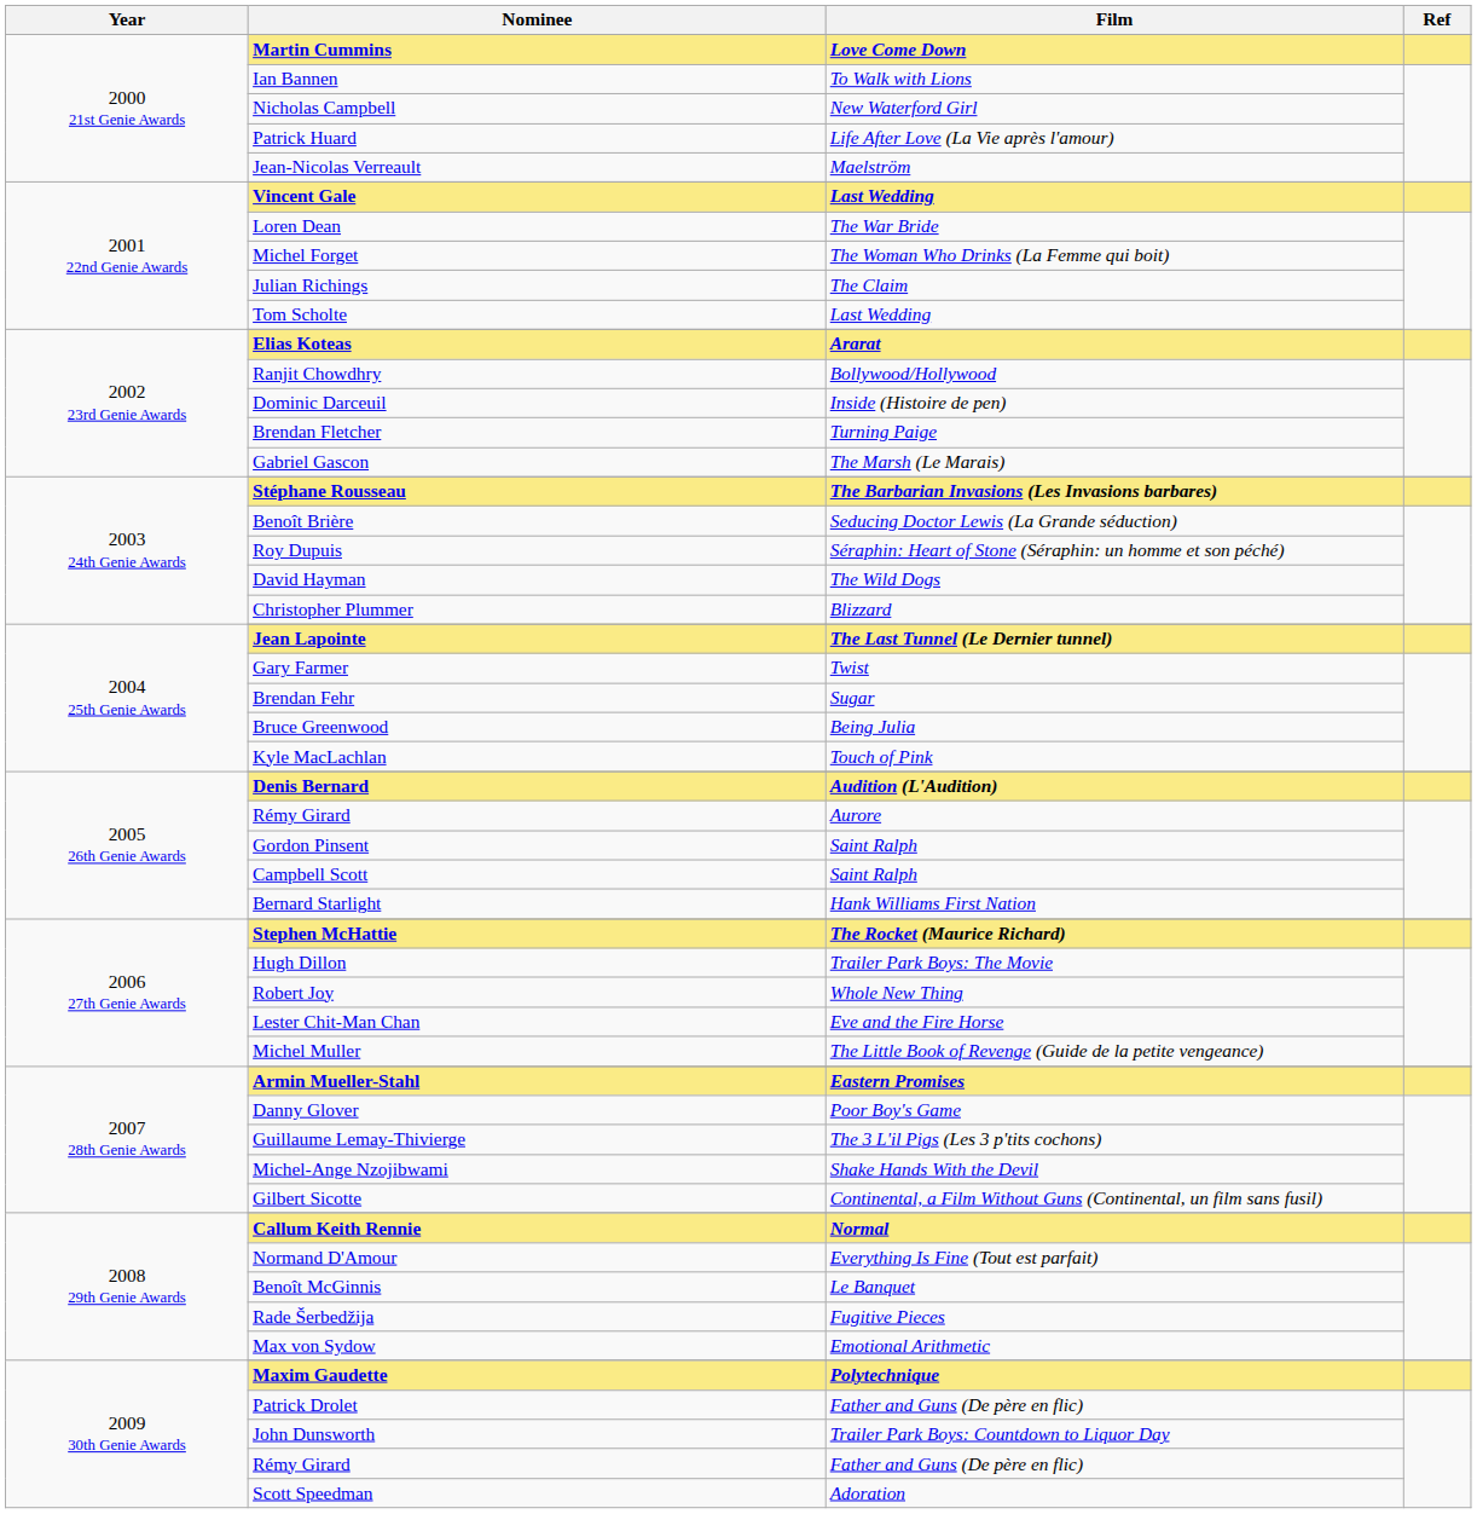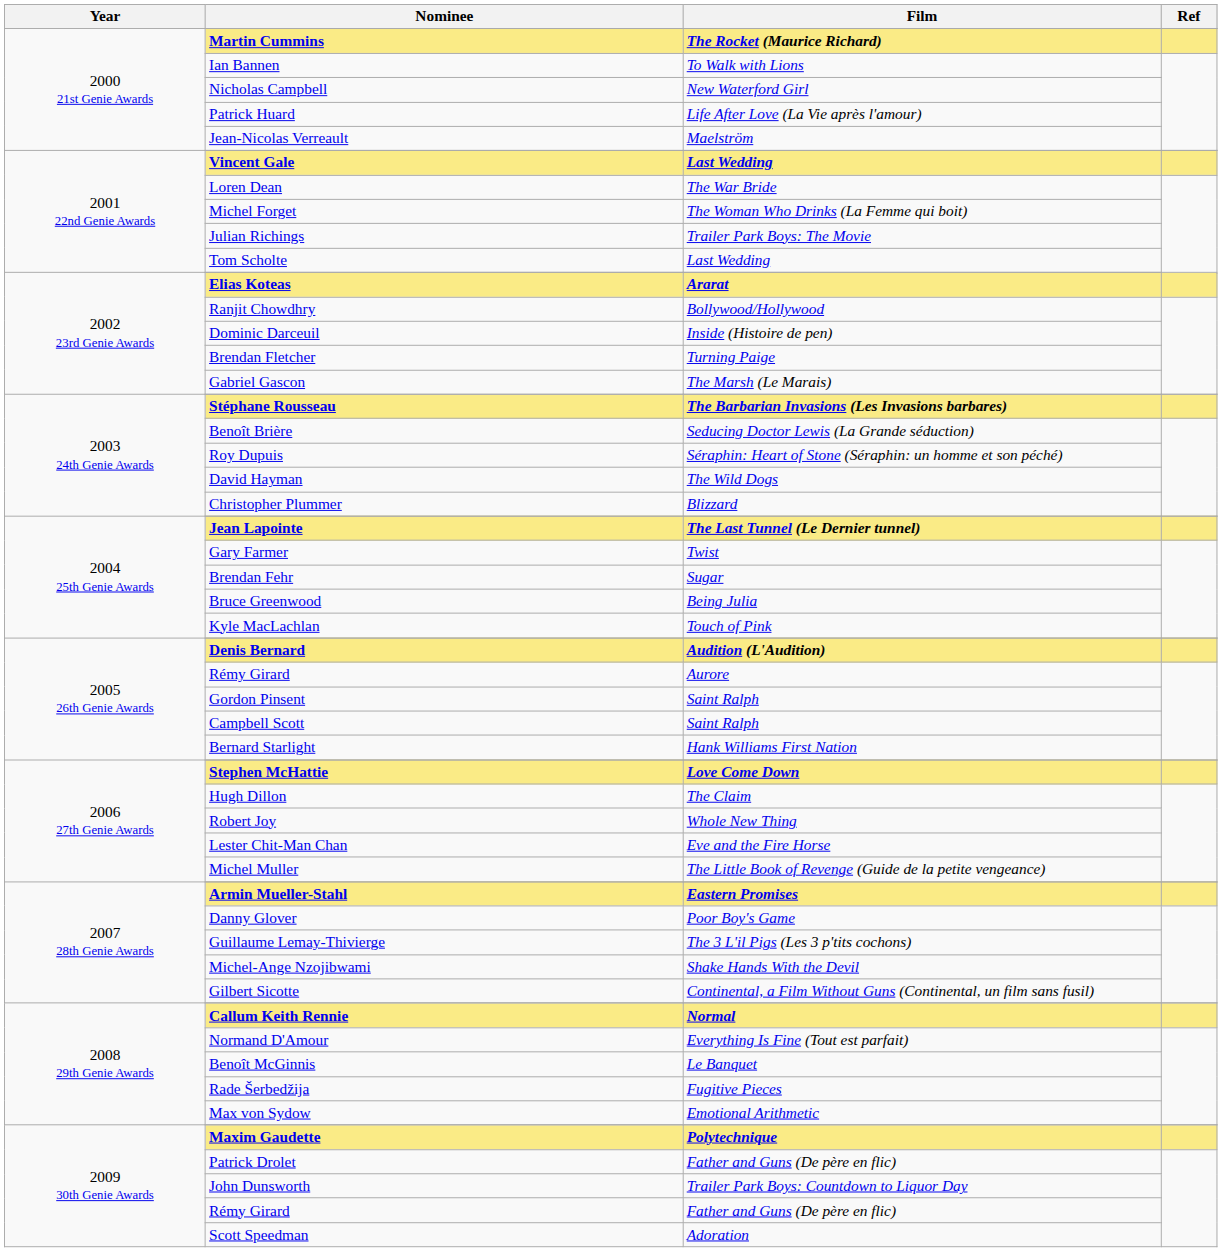 <table class="wikitable" style="width:100%;">
 <tr style="background:#bebebe;">
 <th style="width:8%;">Year</th>
 <th style="width:19%;">Nominee</th>
 <th style="width:19%;">Film</th>
 <th style="width:2%;">Ref</th>
 </tr>
 <tr>
 <td rowspan="6" align="center">2000 <br> <small><a href='#'>21st Genie Awards</a></small></td>
 </tr>
 <tr style="background:#FAEB86;">
 <td><strong><a href='#'>Martin Cummins</a></strong></td>
-<td><strong><em><a href='#'>Love Come Down</a></em></strong></td>
+<td><strong><em><a href='#'>The Rocket</a> (Maurice Richard)</em></strong></td>
 <td></td>
 </tr>
 <tr>
 <td><a href='#'>Ian Bannen</a></td>
 <td><em><a href='#'>To Walk with Lions</a></em></td>
 <td rowspan=4></td>
 </tr>
 <tr>
 <td><a href='#'>Nicholas Campbell</a></td>
 <td><em><a href='#'>New Waterford Girl</a></em></td>
 </tr>
 <tr>
 <td><a href='#'>Patrick Huard</a></td>
 <td><em><a href='#'>Life After Love</a> (La Vie après l'amour)</em></td>
 </tr>
 <tr>
 <td><a href='#'>Jean-Nicolas Verreault</a></td>
 <td><em><a href='#'>Maelström</a></em></td>
 </tr>
 <tr>
 <td rowspan="6" align="center">2001 <br> <small><a href='#'>22nd Genie Awards</a></small></td>
 </tr>
 <tr style="background:#FAEB86;">
 <td><strong><a href='#'>Vincent Gale</a></strong></td>
 <td><strong><em><a href='#'>Last Wedding</a></em></strong></td>
 <td></td>
 </tr>
 <tr>
 <td><a href='#'>Loren Dean</a></td>
 <td><em><a href='#'>The War Bride</a></em></td>
 <td rowspan=5></td>
 </tr>
 <tr>
 <td><a href='#'>Michel Forget</a></td>
 <td><em><a href='#'>The Woman Who Drinks</a> (La Femme qui boit)</em></td>
 </tr>
 <tr>
 <td><a href='#'>Julian Richings</a></td>
-<td><em><a href='#'>The Claim</a></em></td>
+<td><em><a href='#'>Trailer Park Boys: The Movie</a></em></td>
 </tr>
 <tr>
 <td><a href='#'>Tom Scholte</a></td>
 <td><em><a href='#'>Last Wedding</a></em></td>
 </tr>
 <tr>
 <td rowspan="6" align="center">2002 <br> <small><a href='#'>23rd Genie Awards</a></small></td>
 </tr>
 <tr style="background:#FAEB86;">
 <td><strong><a href='#'>Elias Koteas</a></strong></td>
 <td><strong><em><a href='#'>Ararat</a></em></strong></td>
 <td></td>
 </tr>
 <tr>
 <td><a href='#'>Ranjit Chowdhry</a></td>
 <td><em><a href='#'>Bollywood/Hollywood</a></em></td>
 <td rowspan=4></td>
 </tr>
 <tr>
 <td><a href='#'>Dominic Darceuil</a></td>
 <td><em><a href='#'>Inside</a> (Histoire de pen)</em></td>
 </tr>
 <tr>
 <td><a href='#'>Brendan Fletcher</a></td>
 <td><em><a href='#'>Turning Paige</a></em></td>
 </tr>
 <tr>
 <td><a href='#'>Gabriel Gascon</a></td>
 <td><em><a href='#'>The Marsh</a> (Le Marais)</em></td>
 </tr>
 <tr>
 <td rowspan="6" align="center">2003 <br> <small><a href='#'>24th Genie Awards</a></small></td>
 </tr>
 <tr style="background:#FAEB86;">
 <td><strong><a href='#'>Stéphane Rousseau</a></strong></td>
 <td><strong><em><a href='#'>The Barbarian Invasions</a> (Les Invasions barbares)</em></strong></td>
 <td></td>
 </tr>
 <tr>
 <td><a href='#'>Benoît Brière</a></td>
 <td><em><a href='#'>Seducing Doctor Lewis</a> (La Grande séduction)</em></td>
 <td rowspan=4></td>
 </tr>
 <tr>
 <td><a href='#'>Roy Dupuis</a></td>
 <td><em><a href='#'>Séraphin: Heart of Stone</a> (Séraphin: un homme et son péché)</em></td>
 </tr>
 <tr>
 <td><a href='#'>David Hayman</a></td>
 <td><em><a href='#'>The Wild Dogs</a></em></td>
 </tr>
 <tr>
 <td><a href='#'>Christopher Plummer</a></td>
 <td><em><a href='#'>Blizzard</a></em></td>
 </tr>
 <tr>
 <td rowspan="6" align="center">2004 <br> <small><a href='#'>25th Genie Awards</a></small></td>
 </tr>
 <tr style="background:#FAEB86;">
 <td><strong><a href='#'>Jean Lapointe</a></strong></td>
 <td><strong><em><a href='#'>The Last Tunnel</a> (Le Dernier tunnel)</em></strong></td>
 <td></td>
 </tr>
 <tr>
 <td><a href='#'>Gary Farmer</a></td>
 <td><em><a href='#'>Twist</a></em></td>
 <td rowspan=4></td>
 </tr>
 <tr>
 <td><a href='#'>Brendan Fehr</a></td>
 <td><em><a href='#'>Sugar</a></em></td>
 </tr>
 <tr>
 <td><a href='#'>Bruce Greenwood</a></td>
 <td><em><a href='#'>Being Julia</a></em></td>
 </tr>
 <tr>
 <td><a href='#'>Kyle MacLachlan</a></td>
 <td><em><a href='#'>Touch of Pink</a></em></td>
 </tr>
 <tr>
 <td rowspan="6" align="center">2005 <br> <small><a href='#'>26th Genie Awards</a></small></td>
 </tr>
 <tr style="background:#FAEB86;">
 <td><strong><a href='#'>Denis Bernard</a></strong></td>
 <td><strong><em><a href='#'>Audition</a> (L'Audition)</em></strong></td>
 <td></td>
 </tr>
 <tr>
 <td><a href='#'>Rémy Girard</a></td>
 <td><em><a href='#'>Aurore</a></em></td>
 <td rowspan=4></td>
 </tr>
 <tr>
 <td><a href='#'>Gordon Pinsent</a></td>
 <td><em><a href='#'>Saint Ralph</a></em></td>
 </tr>
 <tr>
 <td><a href='#'>Campbell Scott</a></td>
 <td><em><a href='#'>Saint Ralph</a></em></td>
 </tr>
 <tr>
 <td><a href='#'>Bernard Starlight</a></td>
 <td><em><a href='#'>Hank Williams First Nation</a></em></td>
 </tr>
 <tr>
 <td rowspan="6" align="center">2006 <br> <small><a href='#'>27th Genie Awards</a></small></td>
 </tr>
 <tr style="background:#FAEB86;">
 <td><strong><a href='#'>Stephen McHattie</a></strong></td>
-<td><strong><em><a href='#'>The Rocket</a> (Maurice Richard)</em></strong></td>
+<td><strong><em><a href='#'>Love Come Down</a></em></strong></td>
 <td></td>
 </tr>
 <tr>
 <td><a href='#'>Hugh Dillon</a></td>
-<td><em><a href='#'>Trailer Park Boys: The Movie</a></em></td>
+<td><em><a href='#'>The Claim</a></em></td>
 <td rowspan=4></td>
 </tr>
 <tr>
 <td><a href='#'>Robert Joy</a></td>
 <td><em><a href='#'>Whole New Thing</a></em></td>
 </tr>
 <tr>
 <td><a href='#'>Lester Chit-Man Chan</a></td>
 <td><em><a href='#'>Eve and the Fire Horse</a></em></td>
 </tr>
 <tr>
 <td><a href='#'>Michel Muller</a></td>
 <td><em><a href='#'>The Little Book of Revenge</a> (Guide de la petite vengeance)</em></td>
 </tr>
 <tr>
 <td rowspan="6" align="center">2007 <br> <small><a href='#'>28th Genie Awards</a></small></td>
 </tr>
 <tr style="background:#FAEB86;">
 <td><strong><a href='#'>Armin Mueller-Stahl</a></strong></td>
 <td><strong><em><a href='#'>Eastern Promises</a></em></strong></td>
 <td></td>
 </tr>
 <tr>
 <td><a href='#'>Danny Glover</a></td>
 <td><em><a href='#'>Poor Boy's Game</a></em></td>
 <td rowspan=4></td>
 </tr>
 <tr>
 <td><a href='#'>Guillaume Lemay-Thivierge</a></td>
 <td><em><a href='#'>The 3 L'il Pigs</a> (Les 3 p'tits cochons)</em></td>
 </tr>
 <tr>
 <td><a href='#'>Michel-Ange Nzojibwami</a></td>
 <td><em><a href='#'>Shake Hands With the Devil</a></em></td>
 </tr>
 <tr>
 <td><a href='#'>Gilbert Sicotte</a></td>
 <td><em><a href='#'>Continental, a Film Without Guns</a> (Continental, un film sans fusil)</em></td>
 </tr>
 <tr>
 <td rowspan="6" align="center">2008 <br> <small><a href='#'>29th Genie Awards</a></small></td>
 </tr>
 <tr style="background:#FAEB86;">
 <td><strong><a href='#'>Callum Keith Rennie</a></strong></td>
 <td><strong><em><a href='#'>Normal</a></em></strong></td>
 <td></td>
 </tr>
 <tr>
 <td><a href='#'>Normand D'Amour</a></td>
 <td><em><a href='#'>Everything Is Fine</a> (Tout est parfait)</em></td>
 <td rowspan=4></td>
 </tr>
 <tr>
 <td><a href='#'>Benoît McGinnis</a></td>
 <td><em><a href='#'>Le Banquet</a></em></td>
 </tr>
 <tr>
 <td><a href='#'>Rade Šerbedžija</a></td>
 <td><em><a href='#'>Fugitive Pieces</a></em></td>
 </tr>
 <tr>
 <td><a href='#'>Max von Sydow</a></td>
 <td><em><a href='#'>Emotional Arithmetic</a></em></td>
 </tr>
 <tr>
 <td rowspan="6" align="center">2009 <br> <small><a href='#'>30th Genie Awards</a></small></td>
 </tr>
 <tr style="background:#FAEB86;">
 <td><strong><a href='#'>Maxim Gaudette</a></strong></td>
 <td><strong><em><a href='#'>Polytechnique</a></em></strong></td>
 <td></td>
 </tr>
 <tr>
 <td><a href='#'>Patrick Drolet</a></td>
 <td><em><a href='#'>Father and Guns</a> (De père en flic)</em></td>
 <td rowspan=4></td>
 </tr>
 <tr>
 <td><a href='#'>John Dunsworth</a></td>
 <td><em><a href='#'>Trailer Park Boys: Countdown to Liquor Day</a></em></td>
 </tr>
 <tr>
 <td><a href='#'>Rémy Girard</a></td>
 <td><em><a href='#'>Father and Guns</a> (De père en flic)</em></td>
 </tr>
 <tr>
 <td><a href='#'>Scott Speedman</a></td>
 <td><em><a href='#'>Adoration</a></em></td>
 </tr>
 </table>
